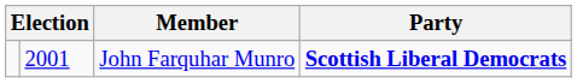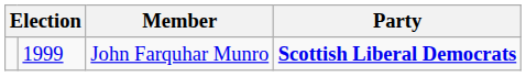 <table class="wikitable">
 <tr>
 <th colspan="2">Election</th>
 <th>Member</th>
 <th>Party</th>
 </tr>
 <tr>
 <td style="background-color: "></td>
-<td><a href='#'>2001</a></td>
+<td><a href='#'>1999</a></td>
 <td><a href='#'>John Farquhar Munro</a></td>
 <td><strong><a href='#'>Scottish Liberal Democrats</a></strong></td>
 </tr>
 </table>
